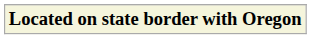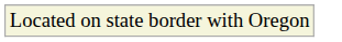 <table class="wikitable" border="1">
 <tr>
 </tr>
 <tr>
-<td bgcolor="#F5F5DC"><strong> Located on state border with Oregon</strong></td>
+<td bgcolor="#F5F5DC"> Located on state border with Oregon</td>
 </tr>
 </table>
